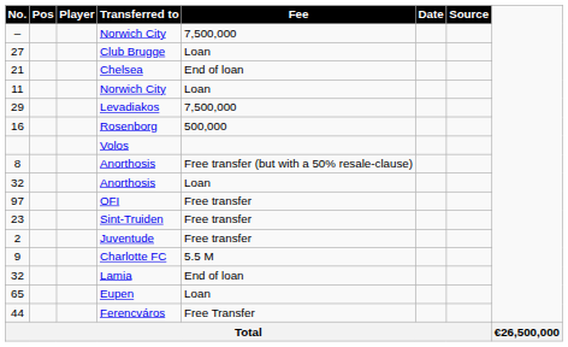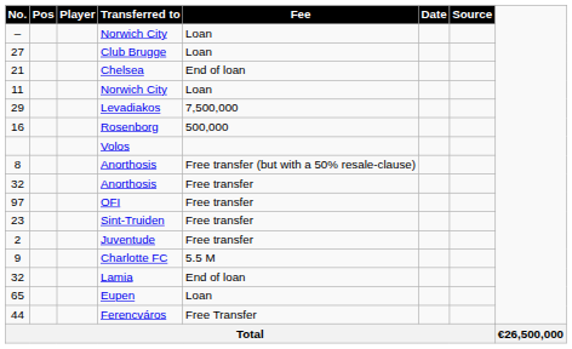 <table class="wikitable plainrowheaders sortable">
 <tr>
 <th style="background:black; color:#FFFFFF; ">No.</th>
 <th style="background:black; color:#FFFFFF; ">Pos</th>
 <th style="background:black; color:#FFFFFF; ">Player</th>
 <th style="background:black; color:#FFFFFF; ">Transferred to</th>
 <th style="background:black; color:#FFFFFF; ">Fee</th>
 <th style="background:black; color:#FFFFFF; ">Date</th>
 <th style="background:black; color:#FFFFFF; ">Source</th>
 </tr>
 <tr>
 <td align=center>–</td>
 <td align=center></td>
 <td></td>
 <td> <a href='#'>Norwich City</a></td>
-<td>7,500,000</td>
+<td>Loan</td>
 <td></td>
 <td></td>
 </tr>
 <tr>
 <td align=center>27</td>
 <td align=center></td>
 <td></td>
 <td> <a href='#'>Club Brugge</a></td>
 <td>Loan</td>
 <td></td>
 <td></td>
 </tr>
 <tr>
 <td align=center>21</td>
 <td align=center></td>
 <td></td>
 <td> <a href='#'>Chelsea</a></td>
 <td>End of loan</td>
 <td></td>
 <td></td>
 </tr>
 <tr>
 <td align=center>11</td>
 <td align=center></td>
 <td></td>
 <td> <a href='#'>Norwich City</a></td>
 <td>Loan</td>
 <td></td>
 <td></td>
 </tr>
 <tr>
 <td align=center>29</td>
 <td align=center></td>
 <td></td>
 <td> <a href='#'>Levadiakos</a></td>
 <td>7,500,000</td>
 <td></td>
 <td></td>
 </tr>
 <tr>
 <td align=center>16</td>
 <td align=center></td>
 <td></td>
 <td> <a href='#'>Rosenborg</a></td>
 <td>500,000</td>
 <td></td>
 <td></td>
 </tr>
 <tr>
 <td align=center></td>
 <td align=center></td>
 <td></td>
 <td> <a href='#'>Volos</a></td>
 <td></td>
 <td></td>
 <td></td>
 </tr>
 <tr>
 <td align=center>8</td>
 <td align=center></td>
 <td></td>
 <td> <a href='#'>Anorthosis</a></td>
 <td>Free transfer (but with a 50% resale-clause)</td>
 <td></td>
 <td></td>
 </tr>
 <tr>
 <td align=center>32</td>
 <td align=center></td>
 <td></td>
 <td> <a href='#'>Anorthosis</a></td>
-<td>Loan</td>
+<td>Free transfer</td>
 <td></td>
 <td></td>
 </tr>
 <tr>
 <td align=center>97</td>
 <td align=center></td>
 <td></td>
 <td> <a href='#'>OFI</a></td>
 <td>Free transfer</td>
 <td></td>
 <td></td>
 </tr>
 <tr>
 <td align=center>23</td>
 <td align=center></td>
 <td></td>
 <td> <a href='#'>Sint-Truiden</a></td>
 <td>Free transfer</td>
 <td></td>
 <td></td>
 </tr>
 <tr>
 <td align=center>2</td>
 <td align=center></td>
 <td></td>
 <td> <a href='#'>Juventude</a></td>
 <td>Free transfer</td>
 <td></td>
 <td></td>
 </tr>
 <tr>
 <td align=center>9</td>
 <td align=center></td>
 <td></td>
 <td> <a href='#'>Charlotte FC</a></td>
 <td>5.5 M</td>
 <td></td>
 <td></td>
 </tr>
 <tr>
 <td align=center>32</td>
 <td align=center></td>
 <td></td>
 <td> <a href='#'>Lamia</a></td>
 <td>End of loan</td>
 <td></td>
 <td></td>
 </tr>
 <tr>
 <td align=center>65</td>
 <td align=center></td>
 <td></td>
 <td> <a href='#'>Eupen</a></td>
 <td>Loan</td>
 <td></td>
 <td></td>
 </tr>
 <tr>
 <td align=center>44</td>
 <td align=center></td>
 <td></td>
 <td> <a href='#'>Ferencváros</a></td>
 <td>Free Transfer</td>
 <td></td>
 <td></td>
 </tr>
 <tr>
 <th colspan="16">Total</th>
 <th colspan="2">€26,500,000</th>
 </tr>
 </table>
